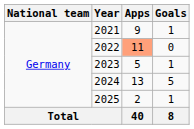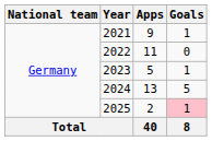 <table class="wikitable" style="text-align: center;">
 <tr>
 <th>National team</th>
 <th>Year</th>
 <th>Apps</th>
 <th>Goals</th>
 </tr>
 <tr>
 <td rowspan="5"><a href='#'>Germany</a></td>
 <td>2021</td>
 <td>9</td>
 <td>1</td>
 </tr>
 <tr>
 <td>2022</td>
-<td style="background: lightsalmon;">11</td>
+<td>11</td>
 <td>0</td>
 </tr>
 <tr>
 <td>2023</td>
 <td>5</td>
 <td>1</td>
 </tr>
 <tr>
 <td>2024</td>
 <td>13</td>
 <td>5</td>
 </tr>
 <tr>
 <td>2025</td>
 <td>2</td>
-<td>1</td>
+<td style="background: pink;">1</td>
 </tr>
 <tr>
 <th colspan="2">Total</th>
 <th>40</th>
 <th>8</th>
 </tr>
 </table>
